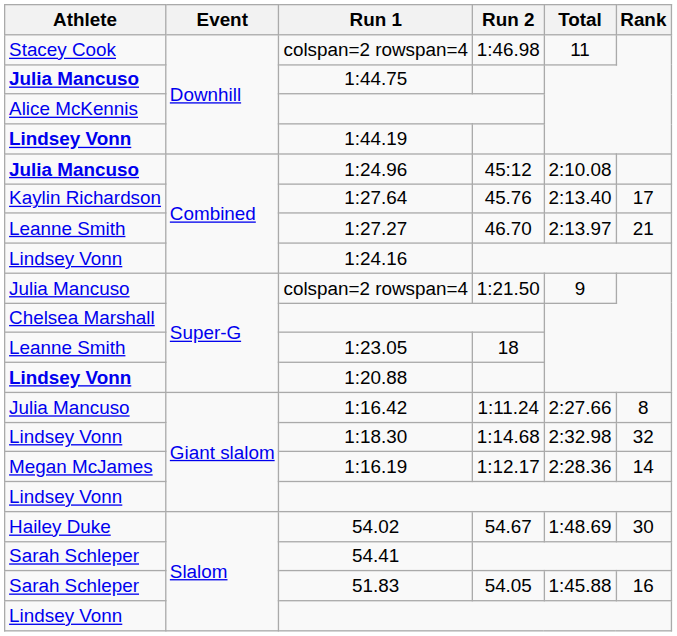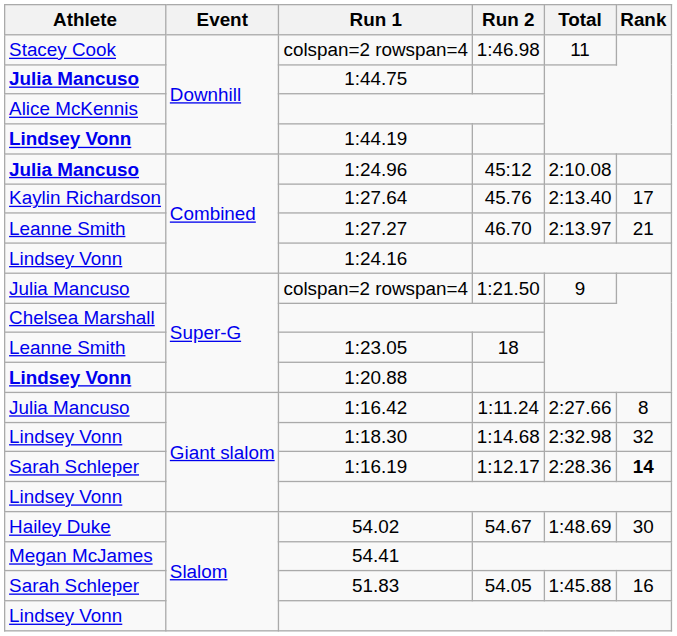 <table class=wikitable style=font-size:90%;text-align:center>
 <tr>
 <th>Athlete</th>
 <th>Event</th>
 <th>Run 1</th>
 <th>Run 2</th>
 <th>Total</th>
 <th>Rank</th>
 </tr>
 <tr>
 <td align=left><a href='#'>Stacey Cook</a></td>
 <td align=left rowspan=4><a href='#'>Downhill</a></td>
 <td>colspan=2 rowspan=4 </td>
 <td>1:46.98</td>
 <td>11</td>
 </tr>
 <tr>
 <td align=left><strong><a href='#'>Julia Mancuso</a></strong></td>
 <td>1:44.75</td>
 <td></td>
 </tr>
 <tr>
 <td align=left><a href='#'>Alice McKennis</a></td>
 <td colspan=2></td>
 </tr>
 <tr>
 <td align=left><strong><a href='#'>Lindsey Vonn</a></strong></td>
 <td>1:44.19</td>
 <td></td>
 </tr>
 <tr>
 <td align=left><strong><a href='#'>Julia Mancuso</a></strong></td>
 <td align=left rowspan=4><a href='#'>Combined</a></td>
 <td>1:24.96</td>
 <td>45:12</td>
 <td>2:10.08</td>
 <td></td>
 </tr>
 <tr>
 <td align=left><a href='#'>Kaylin Richardson</a></td>
 <td>1:27.64</td>
 <td>45.76</td>
 <td>2:13.40</td>
 <td>17</td>
 </tr>
 <tr>
 <td align=left><a href='#'>Leanne Smith</a></td>
 <td>1:27.27</td>
 <td>46.70</td>
 <td>2:13.97</td>
 <td>21</td>
 </tr>
 <tr>
 <td align=left><a href='#'>Lindsey Vonn</a></td>
 <td>1:24.16</td>
 <td colspan=3></td>
 </tr>
 <tr>
 <td align=left><a href='#'>Julia Mancuso</a></td>
 <td align=left rowspan=4><a href='#'>Super-G</a></td>
 <td>colspan=2 rowspan=4 </td>
 <td>1:21.50</td>
 <td>9</td>
 </tr>
 <tr>
 <td align=left><a href='#'>Chelsea Marshall</a></td>
 <td colspan=2></td>
 </tr>
 <tr>
 <td align=left><a href='#'>Leanne Smith</a></td>
 <td>1:23.05</td>
 <td>18</td>
 </tr>
 <tr>
 <td align=left><strong><a href='#'>Lindsey Vonn</a></strong></td>
 <td>1:20.88</td>
 <td></td>
 </tr>
 <tr>
 <td align=left><a href='#'>Julia Mancuso</a></td>
 <td align=left rowspan=4><a href='#'>Giant slalom</a></td>
 <td>1:16.42</td>
 <td>1:11.24</td>
 <td>2:27.66</td>
 <td>8</td>
 </tr>
 <tr>
 <td align=left><a href='#'>Lindsey Vonn</a></td>
 <td>1:18.30</td>
 <td>1:14.68</td>
 <td>2:32.98</td>
 <td>32</td>
 </tr>
 <tr>
-<td align=left><a href='#'>Megan McJames</a></td>
+<td align=left><a href='#'>Sarah Schleper</a></td>
 <td>1:16.19</td>
 <td>1:12.17</td>
 <td>2:28.36</td>
-<td>14</td>
+<td><strong>14</strong></td>
 </tr>
 <tr>
 <td align=left><a href='#'>Lindsey Vonn</a></td>
 <td colspan=6></td>
 </tr>
 <tr>
 <td align=left><a href='#'>Hailey Duke</a></td>
 <td align=left rowspan=4><a href='#'>Slalom</a></td>
 <td>54.02</td>
 <td>54.67</td>
 <td>1:48.69</td>
 <td>30</td>
 </tr>
 <tr>
-<td align=left><a href='#'>Sarah Schleper</a></td>
+<td align=left><a href='#'>Megan McJames</a></td>
 <td>54.41</td>
 <td colspan=3></td>
 </tr>
 <tr>
 <td align=left><a href='#'>Sarah Schleper</a></td>
 <td>51.83</td>
 <td>54.05</td>
 <td>1:45.88</td>
 <td>16</td>
 </tr>
 <tr>
 <td align=left><a href='#'>Lindsey Vonn</a></td>
 <td colspan=6></td>
 </tr>
 </table>
